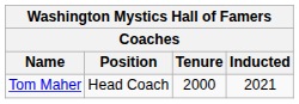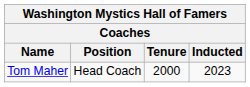 <table class="wikitable" style="text-align:center">
 <tr>
 <th colspan="4">Washington Mystics Hall of Famers</th>
 </tr>
 <tr>
 <th colspan="4">Coaches</th>
 </tr>
 <tr>
 <th>Name</th>
 <th>Position</th>
 <th>Tenure</th>
 <th>Inducted</th>
 </tr>
 <tr>
 <td><a href='#'>Tom Maher</a></td>
 <td>Head Coach</td>
 <td>2000</td>
-<td>2021</td>
+<td>2023</td>
 </tr>
 </table>
